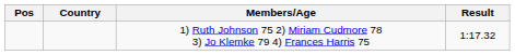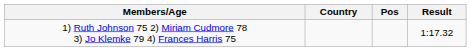 <table class="wikitable"  style="text-align:center; width:60%;">
 <tr>
+<th>Members/Age</th>
+<th>Country</th>
 <th>Pos</th>
-<th>Country</th>
-<th>Members/Age</th>
 <th>Result</th>
 </tr>
 <tr>
+<td>1) <a href='#'>Ruth Johnson</a> 75 2) <a href='#'>Miriam Cudmore</a> 78<br>3) <a href='#'>Jo Klemke</a> 79 4) <a href='#'>Frances Harris</a> 75</td>
+<td align=left></td>
 <td align=center></td>
-<td align=left></td>
-<td>1) <a href='#'>Ruth Johnson</a> 75 2) <a href='#'>Miriam Cudmore</a> 78<br>3) <a href='#'>Jo Klemke</a> 79 4) <a href='#'>Frances Harris</a> 75</td>
 <td>1:17.32</td>
 </tr>
 </table>
